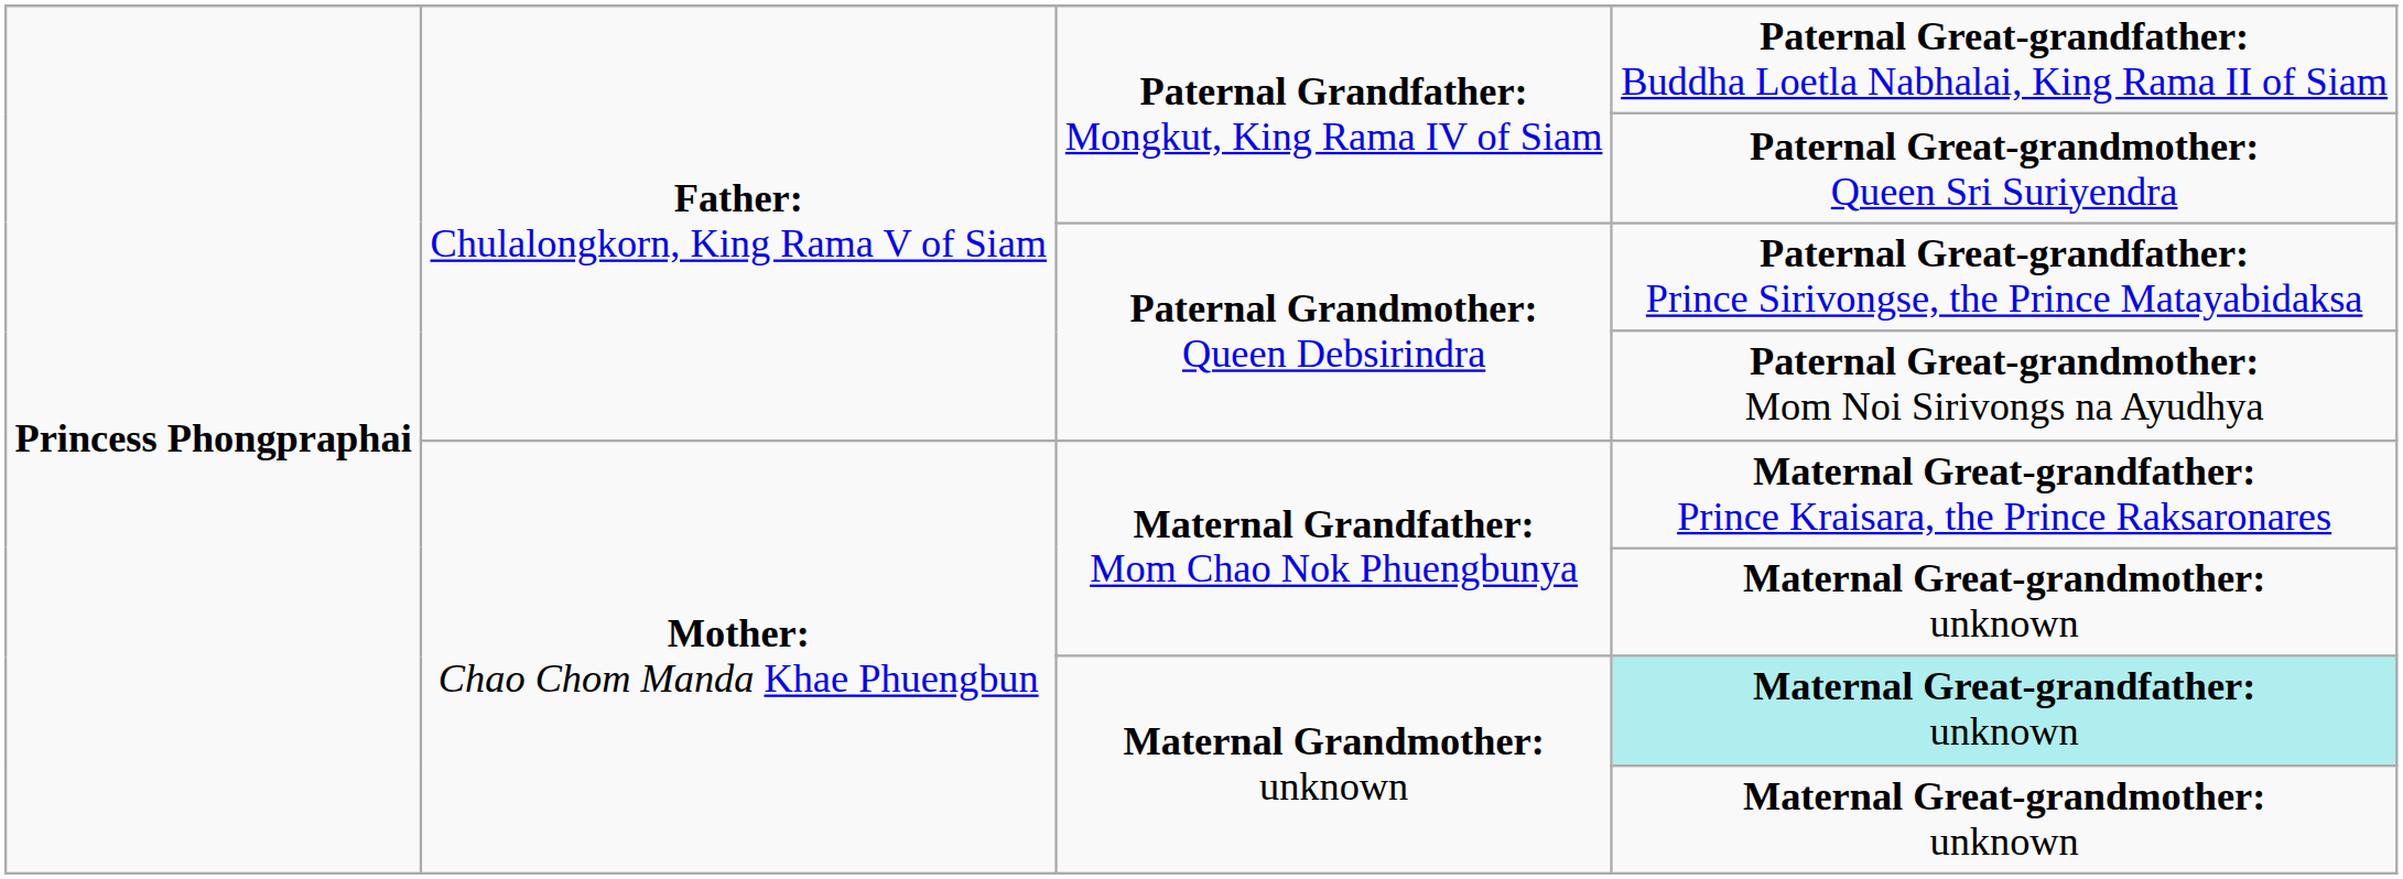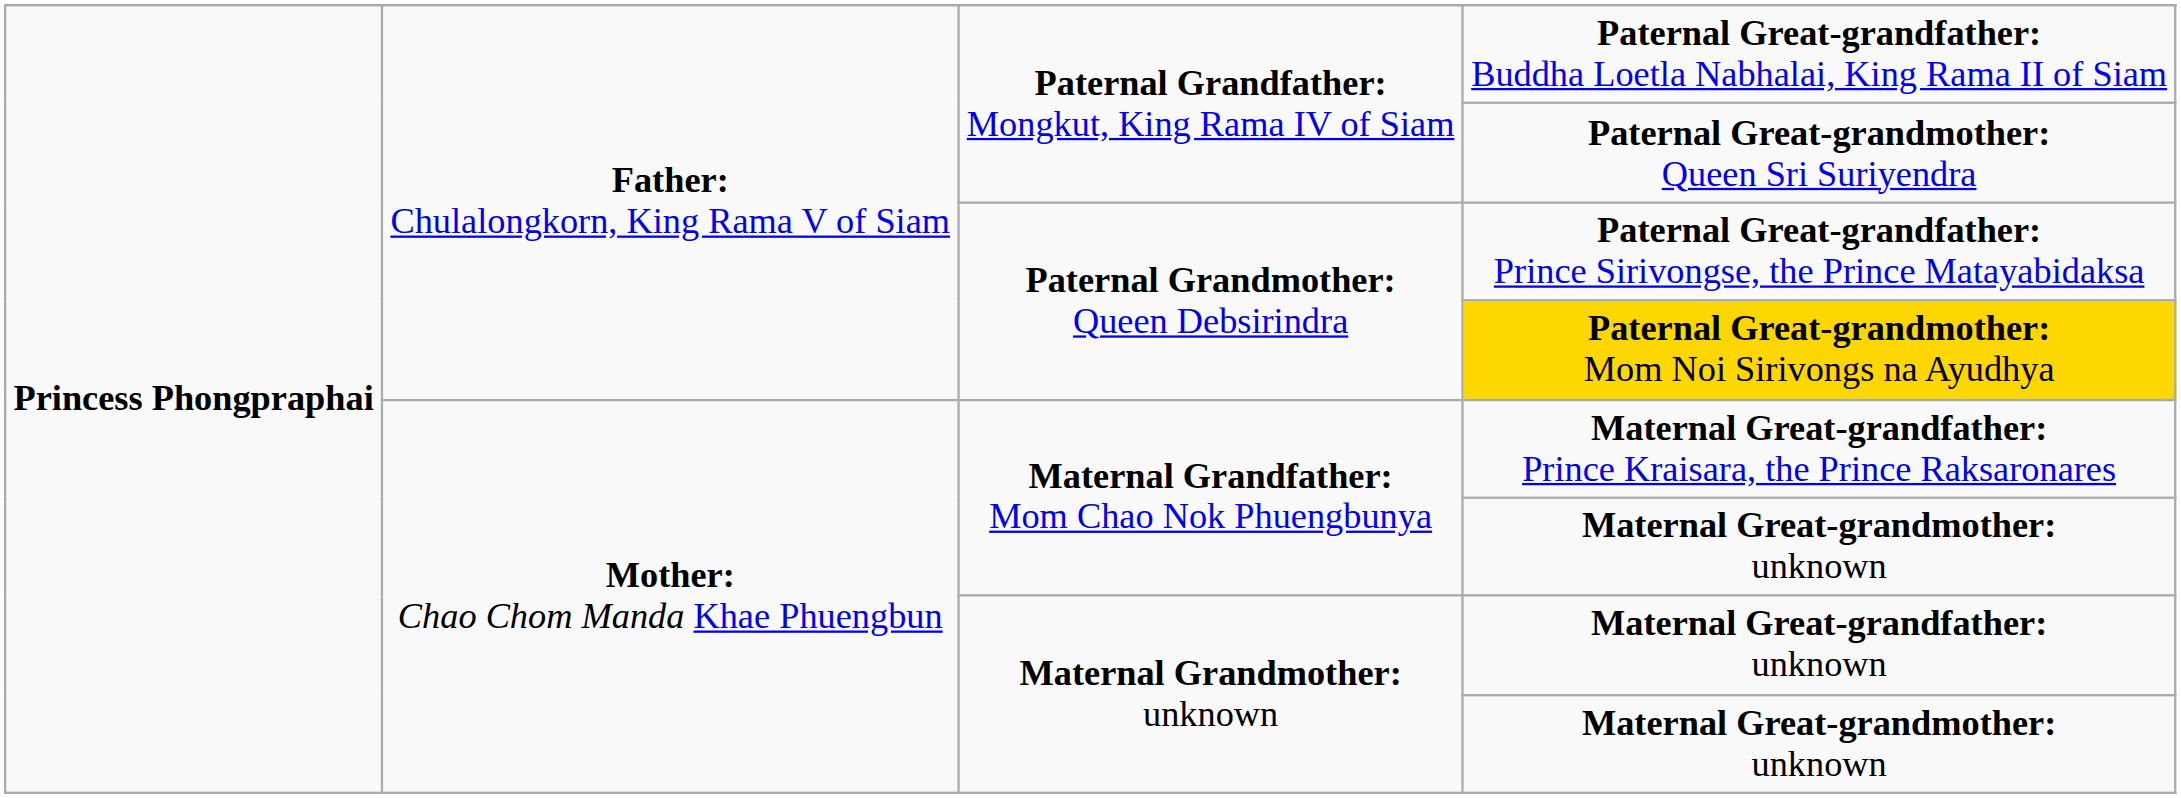 <table class="wikitable">
 <tr>
 </tr>
 <tr>
 <td rowspan="8" align="center"><strong>Princess Phongpraphai</strong></td>
 <td rowspan="4" align="center"><strong>Father:</strong><br><a href='#'>Chulalongkorn, King Rama V of Siam</a></td>
 <td rowspan="2" align="center"><strong>Paternal Grandfather:</strong><br><a href='#'>Mongkut, King Rama IV of Siam</a></td>
 <td align = "center"><strong>Paternal Great-grandfather:</strong><br><a href='#'>Buddha Loetla Nabhalai, King Rama II of Siam</a></td>
 </tr>
 <tr>
 <td align = "center"><strong>Paternal Great-grandmother:</strong><br><a href='#'>Queen Sri Suriyendra</a></td>
 </tr>
 <tr>
 <td rowspan="2" align="center"><strong>Paternal Grandmother:</strong><br><a href='#'>Queen Debsirindra</a></td>
 <td align = "center"><strong>Paternal Great-grandfather:</strong><br><a href='#'>Prince Sirivongse, the Prince Matayabidaksa</a></td>
 </tr>
 <tr>
-<td align = "center"><strong>Paternal Great-grandmother:</strong><br>Mom Noi Sirivongs na Ayudhya</td>
+<td align = "center" style="background: gold;"><strong>Paternal Great-grandmother:</strong><br>Mom Noi Sirivongs na Ayudhya</td>
 </tr>
 <tr>
 <td rowspan="4" align="center"><strong>Mother:</strong><br><em>Chao Chom Manda</em> <a href='#'>Khae Phuengbun</a></td>
 <td rowspan="2" align="center"><strong>Maternal Grandfather:</strong><br><a href='#'>Mom Chao Nok Phuengbunya</a></td>
 <td align = "center"><strong>Maternal Great-grandfather:</strong><br><a href='#'>Prince Kraisara, the Prince Raksaronares</a></td>
 </tr>
 <tr>
 <td align = "center"><strong>Maternal Great-grandmother:</strong><br>unknown</td>
 </tr>
 <tr>
 <td rowspan="2" align="center"><strong>Maternal Grandmother:</strong><br>unknown</td>
-<td align = "center" style="background: paleturquoise;"><strong>Maternal Great-grandfather:</strong><br>unknown</td>
+<td align = "center"><strong>Maternal Great-grandfather:</strong><br>unknown</td>
 </tr>
 <tr>
 <td align = "center"><strong>Maternal Great-grandmother:</strong><br>unknown</td>
 </tr>
 </table>
